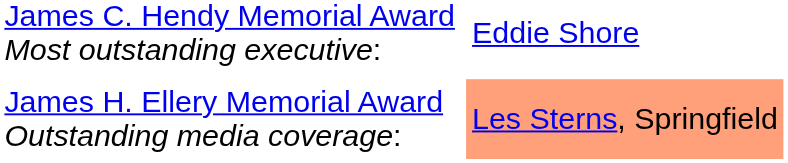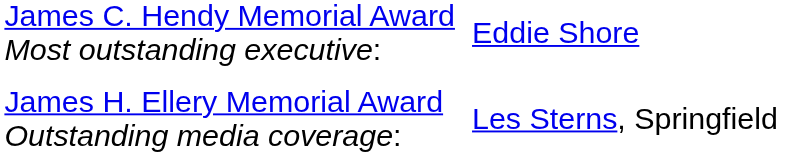 <table cellpadding="3" cellspacing="3">
 <tr>
 <td><a href='#'>James C. Hendy Memorial Award</a><br><em>Most outstanding executive</em>:</td>
 <td><a href='#'>Eddie Shore</a></td>
 </tr>
 <tr>
 <td><a href='#'>James H. Ellery Memorial Award</a> <br><em>Outstanding media coverage</em>:</td>
-<td style="background: lightsalmon;"><a href='#'>Les Sterns</a>, Springfield</td>
+<td><a href='#'>Les Sterns</a>, Springfield</td>
 </tr>
 </table>
